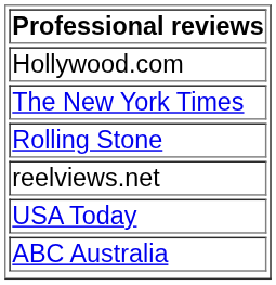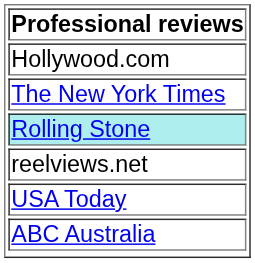 <table style="float: middle;" border="1">
 <tr>
 <th>Professional reviews</th>
 </tr>
 <tr>
 <td>Hollywood.com </td>
 </tr>
 <tr>
 <td><a href='#'>The New York Times</a> </td>
 </tr>
 <tr>
-<td><a href='#'>Rolling Stone</a> </td>
+<td style="background: paleturquoise;"><a href='#'>Rolling Stone</a> </td>
 </tr>
 <tr>
 <td>reelviews.net </td>
 </tr>
 <tr>
 <td><a href='#'>USA Today</a></td>
 </tr>
 <tr>
 <td><a href='#'>ABC Australia</a> </td>
 </tr>
 <tr>
 </tr>
 </table>
